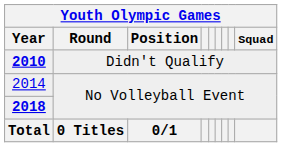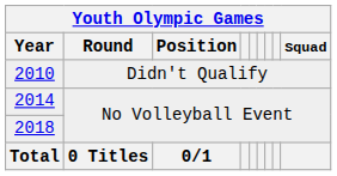 <table class="wikitable" style="text-align: center;">
 <tr>
 <th colspan=9><a href='#'>Youth Olympic Games</a></th>
 </tr>
 <tr>
 <th>Year</th>
 <th>Round</th>
 <th>Position</th>
 <th></th>
 <th></th>
 <th></th>
 <th></th>
 <th></th>
 <th><small>Squad</small></th>
 </tr>
 <tr bgcolor="efefef">
-<td><strong> <a href='#'>2010</a></strong></td>
+<td> <a href='#'>2010</a></td>
 <td colspan=8>Didn't Qualify</td>
 </tr>
 <tr bgcolor="efefef">
 <td> <a href='#'>2014</a></td>
 <td colspan=8 rowspan=2 align=center>No Volleyball Event</td>
 </tr>
 <tr bgcolor="efefef">
-<td><strong> <a href='#'>2018</a></strong></td>
+<td> <a href='#'>2018</a></td>
 </tr>
 <tr>
 <th>Total</th>
 <th>0 Titles</th>
 <th>0/1</th>
 <th></th>
 <th></th>
 <th></th>
 <th></th>
 <th></th>
 <th></th>
 </tr>
 </table>
